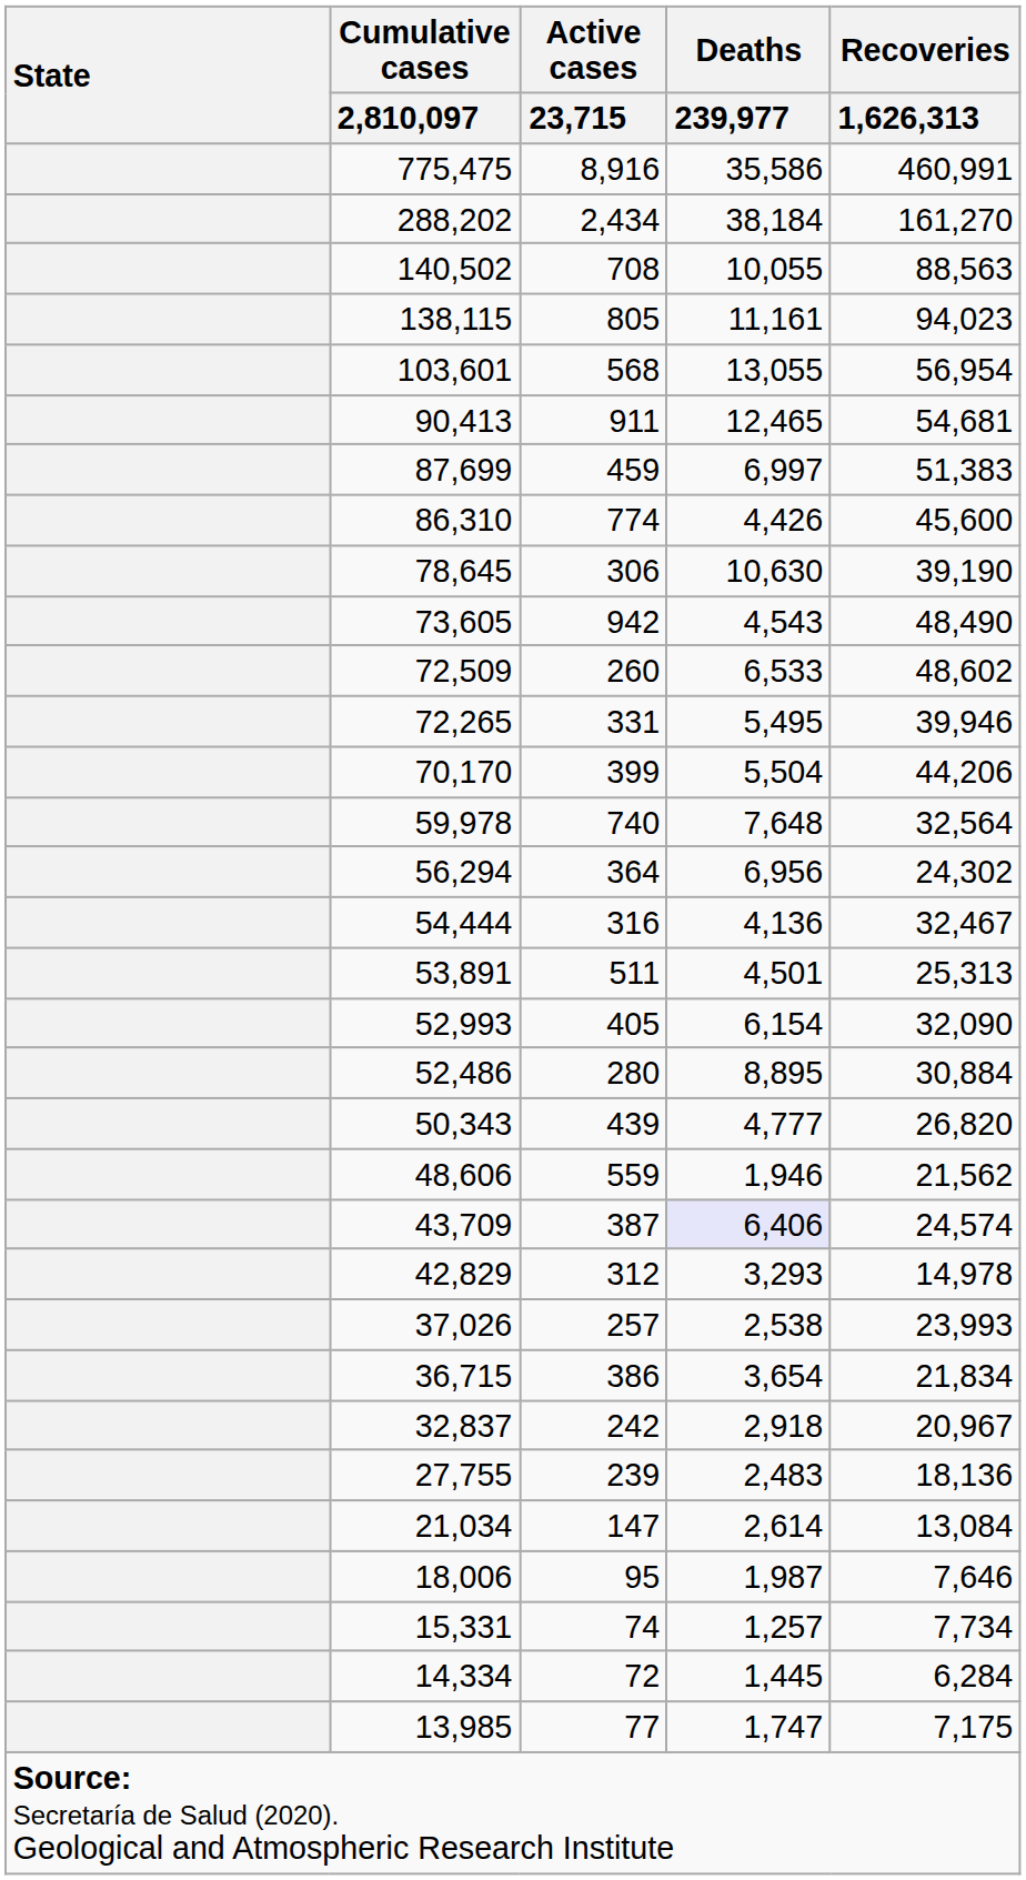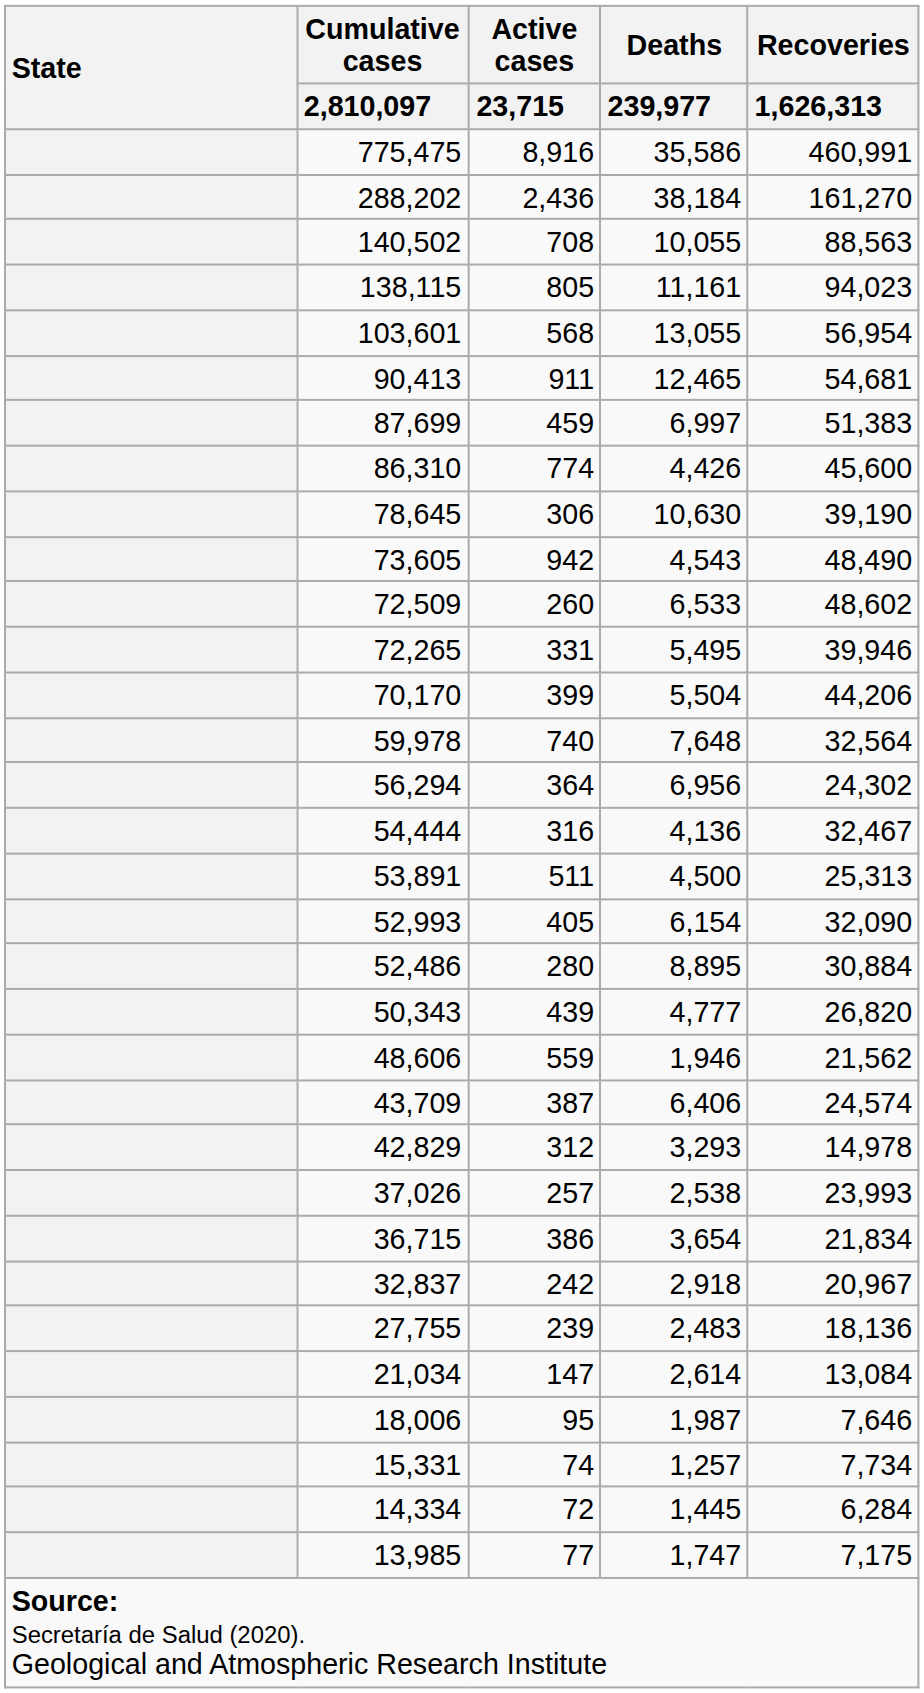 <table class="wikitable sortable" style="display: inline-table; font-size:90%; text-align:right;">
 <tr>
 <th rowspan="2" style="text-align:left; width:140px;">State</th>
 <th style="width:60px;">Cumulative cases</th>
 <th style="width:60px;">Active cases</th>
 <th>Deaths</th>
 <th>Recoveries</th>
 </tr>
 <tr>
 <th style="text-align:right; padding-right:18px;" scope="row">2,810,097</th>
 <th style="text-align:right; padding-right:18px;" scope="row">23,715</th>
 <th style="text-align:right; padding-right:18px;" scope="row">239,977</th>
 <th style="text-align:right; padding-right:18px;" scope="row">1,626,313</th>
 </tr>
 <tr>
 <th style="text-align:left"></th>
 <td>775,475</td>
 <td>8,916</td>
 <td>35,586</td>
 <td>460,991</td>
 </tr>
 <tr>
 <th style="text-align:left"></th>
 <td>288,202</td>
-<td>2,434</td>
+<td>2,436</td>
 <td>38,184</td>
 <td>161,270</td>
 </tr>
 <tr>
 <th style="text-align:left"></th>
 <td>140,502</td>
 <td>708</td>
 <td>10,055</td>
 <td>88,563</td>
 </tr>
 <tr>
 <th style="text-align:left"></th>
 <td>138,115</td>
 <td>805</td>
 <td>11,161</td>
 <td>94,023</td>
 </tr>
 <tr>
 <th style="text-align:left"></th>
 <td>103,601</td>
 <td>568</td>
 <td>13,055</td>
 <td>56,954</td>
 </tr>
 <tr>
 <th style="text-align:left"></th>
 <td>90,413</td>
 <td>911</td>
 <td>12,465</td>
 <td>54,681</td>
 </tr>
 <tr>
 <th style="text-align:left"></th>
 <td>87,699</td>
 <td>459</td>
 <td>6,997</td>
 <td>51,383</td>
 </tr>
 <tr>
 <th style="text-align:left"></th>
 <td>86,310</td>
 <td>774</td>
 <td>4,426</td>
 <td>45,600</td>
 </tr>
 <tr>
 <th style="text-align:left"></th>
 <td>78,645</td>
 <td>306</td>
 <td>10,630</td>
 <td>39,190</td>
 </tr>
 <tr>
 <th style="text-align:left"></th>
 <td>73,605</td>
 <td>942</td>
 <td>4,543</td>
 <td>48,490</td>
 </tr>
 <tr>
 <th style="text-align:left"></th>
 <td>72,509</td>
 <td>260</td>
 <td>6,533</td>
 <td>48,602</td>
 </tr>
 <tr>
 <th style="text-align:left"></th>
 <td>72,265</td>
 <td>331</td>
 <td>5,495</td>
 <td>39,946</td>
 </tr>
 <tr>
 <th style="text-align:left"></th>
 <td>70,170</td>
 <td>399</td>
 <td>5,504</td>
 <td>44,206</td>
 </tr>
 <tr>
 <th style="text-align:left"></th>
 <td>59,978</td>
 <td>740</td>
 <td>7,648</td>
 <td>32,564</td>
 </tr>
 <tr>
 <th style="text-align:left"></th>
 <td>56,294</td>
 <td>364</td>
 <td>6,956</td>
 <td>24,302</td>
 </tr>
 <tr>
 <th style="text-align:left"></th>
 <td>54,444</td>
 <td>316</td>
 <td>4,136</td>
 <td>32,467</td>
 </tr>
 <tr>
 <th style="text-align:left"></th>
 <td>53,891</td>
 <td>511</td>
-<td>4,501</td>
+<td>4,500</td>
 <td>25,313</td>
 </tr>
 <tr>
 <th style="text-align:left"></th>
 <td>52,993</td>
 <td>405</td>
 <td>6,154</td>
 <td>32,090</td>
 </tr>
 <tr>
 <th style="text-align:left"></th>
 <td>52,486</td>
 <td>280</td>
 <td>8,895</td>
 <td>30,884</td>
 </tr>
 <tr>
 <th style="text-align:left"></th>
 <td>50,343</td>
 <td>439</td>
 <td>4,777</td>
 <td>26,820</td>
 </tr>
 <tr>
 <th style="text-align:left"></th>
 <td>48,606</td>
 <td>559</td>
 <td>1,946</td>
 <td>21,562</td>
 </tr>
 <tr>
 <th style="text-align:left"></th>
 <td>43,709</td>
 <td>387</td>
-<td style="background: lavender;">6,406</td>
+<td>6,406</td>
 <td>24,574</td>
 </tr>
 <tr>
 <th style="text-align:left"></th>
 <td>42,829</td>
 <td>312</td>
 <td>3,293</td>
 <td>14,978</td>
 </tr>
 <tr>
 <th style="text-align:left"></th>
 <td>37,026</td>
 <td>257</td>
 <td>2,538</td>
 <td>23,993</td>
 </tr>
 <tr>
 <th style="text-align:left"></th>
 <td>36,715</td>
 <td>386</td>
 <td>3,654</td>
 <td>21,834</td>
 </tr>
 <tr>
 <th style="text-align:left"></th>
 <td>32,837</td>
 <td>242</td>
 <td>2,918</td>
 <td>20,967</td>
 </tr>
 <tr>
 <th style="text-align:left"></th>
 <td>27,755</td>
 <td>239</td>
 <td>2,483</td>
 <td>18,136</td>
 </tr>
 <tr>
 <th style="text-align:left"></th>
 <td>21,034</td>
 <td>147</td>
 <td>2,614</td>
 <td>13,084</td>
 </tr>
 <tr>
 <th style="text-align:left"></th>
 <td>18,006</td>
 <td>95</td>
 <td>1,987</td>
 <td>7,646</td>
 </tr>
 <tr>
 <th style="text-align:left"></th>
 <td>15,331</td>
 <td>74</td>
 <td>1,257</td>
 <td>7,734</td>
 </tr>
 <tr>
 <th style="text-align:left"></th>
 <td>14,334</td>
 <td>72</td>
 <td>1,445</td>
 <td>6,284</td>
 </tr>
 <tr>
 <th style="text-align:left"></th>
 <td>13,985</td>
 <td>77</td>
 <td>1,747</td>
 <td>7,175</td>
 </tr>
 <tr style="text-align:left; padding-left:8px;" class="sortbottom">
 <td style="width:360px;" colspan="6"><strong>Source:</strong><br><small>Secretaría de Salud (2020).</small><br> Geological and Atmospheric Research Institute</td>
 </tr>
 </table>
